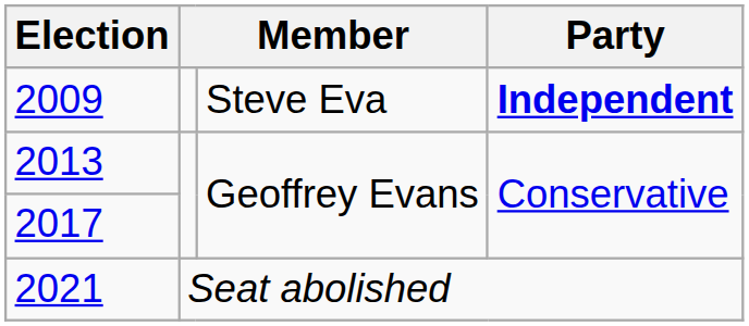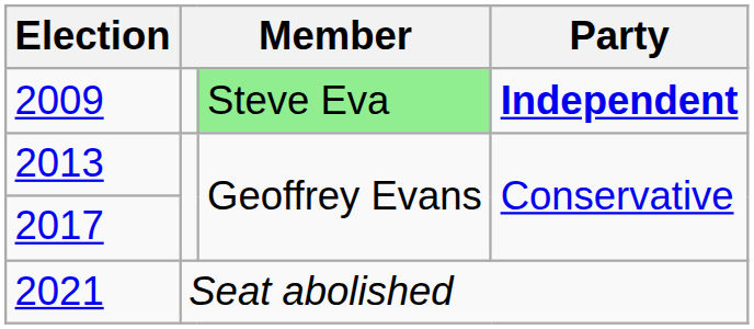 <table class="wikitable">
 <tr>
 <th>Election</th>
 <th colspan="2">Member</th>
 <th>Party</th>
 </tr>
 <tr>
 <td><a href='#'>2009</a></td>
 <td rowspan="1" style="background-color: "></td>
-<td rowspan="1">Steve Eva</td>
+<td rowspan="1" style="background: lightgreen;">Steve Eva</td>
 <td rowspan="1"><strong><a href='#'>Independent</a></strong></td>
 </tr>
 <tr>
 <td><a href='#'>2013</a></td>
 <td rowspan="2" style="background-color: "></td>
 <td rowspan="2">Geoffrey Evans</td>
 <td rowspan="2"><a href='#'>Conservative</a></td>
 </tr>
 <tr>
 <td><a href='#'>2017</a></td>
 </tr>
 <tr>
 <td><a href='#'>2021</a></td>
 <td colspan="3"><em>Seat abolished</em></td>
 </tr>
 </table>
